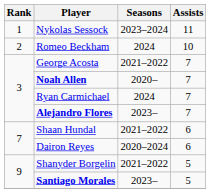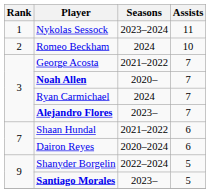 <table class="wikitable" style="text-align:center">
 <tr>
 <th scope="col">Rank</th>
 <th scope="col">Player</th>
 <th scope="col">Seasons</th>
 <th scope="col">Assists</th>
 </tr>
 <tr>
 <td>1</td>
 <td align=left> <a href='#'>Nykolas Sessock</a></td>
 <td>2023–2024</td>
 <td>11</td>
 </tr>
 <tr>
 <td>2</td>
 <td align=left> <a href='#'>Romeo Beckham</a></td>
 <td>2024</td>
 <td>10</td>
 </tr>
 <tr>
 <td rowspan="4”">3</td>
 <td align=left> <a href='#'>George Acosta</a></td>
 <td>2021–2022</td>
 <td>7</td>
 </tr>
 <tr>
 <td align=left> <strong><a href='#'>Noah Allen</a></strong></td>
 <td>2020–</td>
 <td>7</td>
 </tr>
 <tr>
 <td align=left> <a href='#'>Ryan Carmichael</a></td>
 <td>2024</td>
 <td>7</td>
 </tr>
 <tr>
 <td align=left> <strong><a href='#'>Alejandro Flores</a></strong></td>
 <td>2023–</td>
 <td>7</td>
 </tr>
 <tr>
 <td rowspan="2">7</td>
 <td align=left> <a href='#'>Shaan Hundal</a></td>
 <td>2021–2022</td>
 <td>6</td>
 </tr>
 <tr>
 <td align=left> <a href='#'>Dairon Reyes</a></td>
 <td>2020–2024</td>
 <td>6</td>
 </tr>
 <tr>
 <td rowspan="2">9</td>
 <td align=left> <a href='#'>Shanyder Borgelin</a></td>
-<td>2021–2022</td>
+<td>2022–2024</td>
 <td>5</td>
 </tr>
 <tr>
 <td align=left> <strong><a href='#'>Santiago Morales</a></strong></td>
 <td>2023–</td>
 <td>5</td>
 </tr>
 <tr>
 </tr>
 </table>
